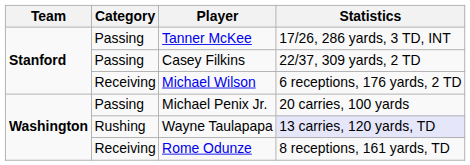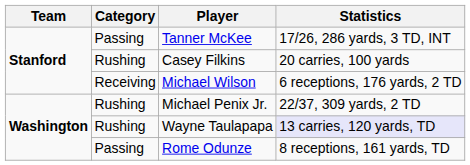 <table class="wikitable" style="float: right;">
 <tr>
 <th>Team</th>
 <th>Category</th>
 <th>Player</th>
 <th>Statistics</th>
 </tr>
 <tr>
 <td rowspan=3><strong>Stanford</strong></td>
 <td>Passing</td>
 <td><a href='#'>Tanner McKee</a></td>
 <td>17/26, 286 yards, 3 TD, INT</td>
 </tr>
 <tr>
-<td>Passing</td>
+<td>Rushing</td>
 <td>Casey Filkins</td>
-<td>22/37, 309 yards, 2 TD</td>
+<td>20 carries, 100 yards</td>
 </tr>
 <tr>
 <td>Receiving</td>
 <td><a href='#'>Michael Wilson</a></td>
 <td>6 receptions, 176 yards, 2 TD</td>
 </tr>
 <tr>
 <td rowspan=3><strong>Washington</strong></td>
-<td>Passing</td>
+<td>Rushing</td>
 <td>Michael Penix Jr.</td>
-<td>20 carries, 100 yards</td>
+<td>22/37, 309 yards, 2 TD</td>
 </tr>
 <tr>
 <td>Rushing</td>
 <td>Wayne Taulapapa</td>
 <td style="background: lavender;">13 carries, 120 yards, TD</td>
 </tr>
 <tr>
-<td>Receiving</td>
+<td>Passing</td>
 <td><a href='#'>Rome Odunze</a></td>
 <td>8 receptions, 161 yards, TD</td>
 </tr>
 </table>
